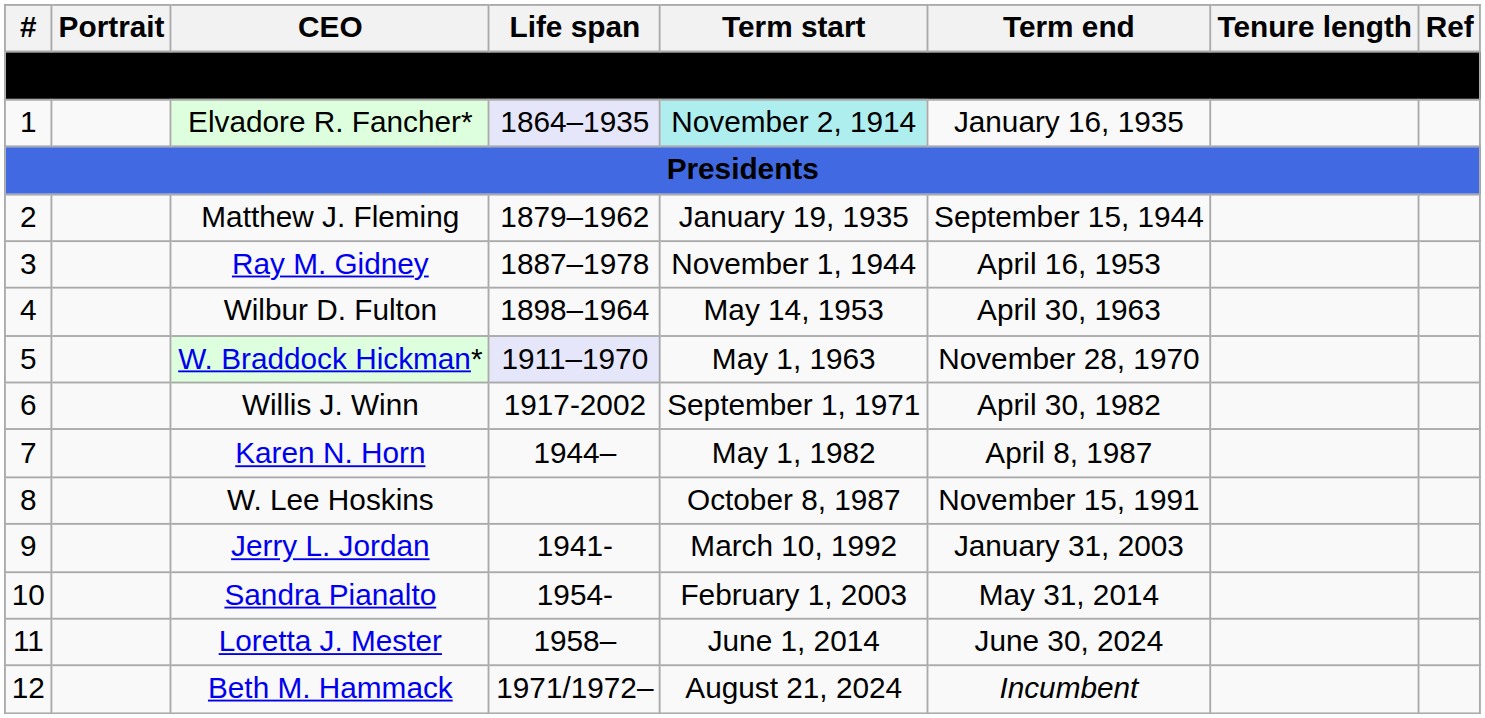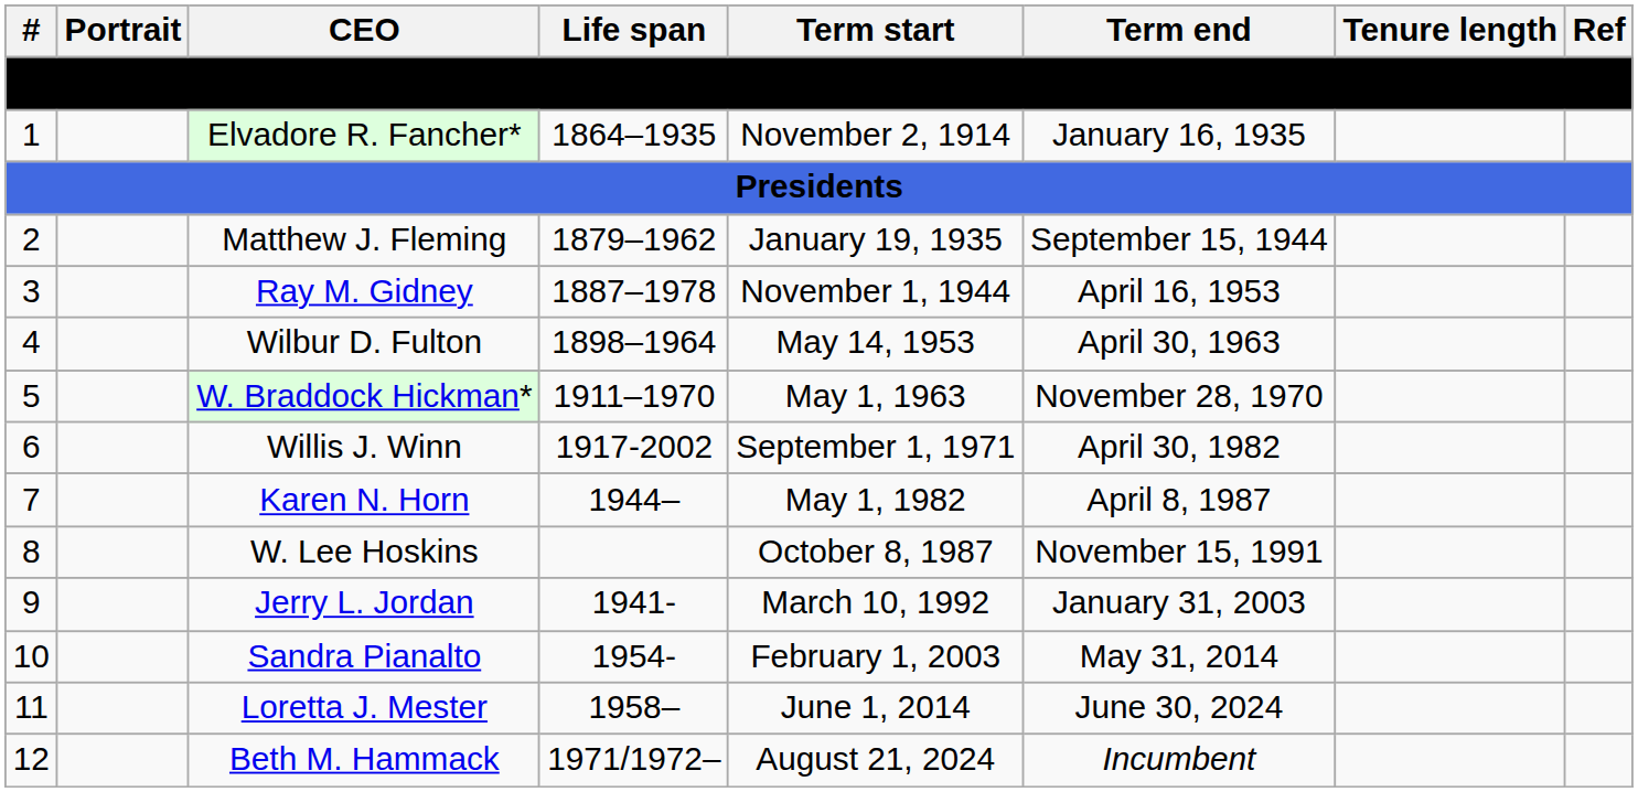 <table class="wikitable" style="text-align:center">
 <tr>
 <th>#</th>
 <th>Portrait</th>
 <th>CEO</th>
 <th>Life span</th>
 <th>Term start</th>
 <th>Term end</th>
 <th>Tenure length</th>
 <th>Ref</th>
 </tr>
 <tr>
 <td align="center" Colspan="18" style="background: #000000"><strong><span>Governors</span></strong></td>
 </tr>
 <tr>
 <td>1</td>
 <td></td>
 <td bgcolor="#ddffdd">Elvadore R. Fancher*</td>
-<td style="background: lavender;">1864–1935</td>
-<td style="background: paleturquoise;">November 2, 1914</td>
+<td>1864–1935</td>
+<td>November 2, 1914</td>
 <td>January 16, 1935</td>
 <td></td>
 <td align="center"></td>
 </tr>
 <tr>
 <td align="center" Colspan="18" style="background: #4169E1"><strong><span>Presidents</span></strong></td>
 </tr>
 <tr>
 <td>2</td>
 <td></td>
 <td>Matthew J. Fleming</td>
 <td>1879–1962</td>
 <td>January 19, 1935</td>
 <td>September 15, 1944</td>
 <td></td>
 <td align="center"></td>
 </tr>
 <tr>
 <td>3</td>
 <td></td>
 <td><a href='#'>Ray M. Gidney</a></td>
 <td>1887–1978</td>
 <td>November 1, 1944</td>
 <td>April 16, 1953</td>
 <td></td>
 <td align="center"></td>
 </tr>
 <tr>
 <td>4</td>
 <td></td>
 <td>Wilbur D. Fulton</td>
 <td>1898–1964</td>
 <td>May 14, 1953</td>
 <td>April 30, 1963</td>
 <td></td>
 <td align="center"></td>
 </tr>
 <tr>
 <td>5</td>
 <td></td>
 <td bgcolor="#ddffdd"><a href='#'>W. Braddock Hickman</a>*</td>
-<td style="background: lavender;">1911–1970</td>
+<td>1911–1970</td>
 <td>May 1, 1963</td>
 <td>November 28, 1970</td>
 <td></td>
 <td align="center"></td>
 </tr>
 <tr>
 <td>6</td>
 <td></td>
 <td>Willis J. Winn</td>
 <td>1917-2002</td>
 <td>September 1, 1971</td>
 <td>April 30, 1982</td>
 <td></td>
 <td align="center"></td>
 </tr>
 <tr>
 <td>7</td>
 <td></td>
 <td><a href='#'>Karen N. Horn</a></td>
 <td>1944–</td>
 <td>May 1, 1982</td>
 <td>April 8, 1987</td>
 <td></td>
 <td align="center"></td>
 </tr>
 <tr>
 <td>8</td>
 <td></td>
 <td>W. Lee Hoskins</td>
 <td></td>
 <td>October 8, 1987</td>
 <td>November 15, 1991</td>
 <td></td>
 <td align="center"></td>
 </tr>
 <tr>
 <td>9</td>
 <td></td>
 <td><a href='#'>Jerry L. Jordan</a></td>
 <td>1941-</td>
 <td>March 10, 1992</td>
 <td>January 31, 2003</td>
 <td></td>
 <td align="center"></td>
 </tr>
 <tr>
 <td>10</td>
 <td></td>
 <td><a href='#'>Sandra Pianalto</a></td>
 <td>1954-</td>
 <td>February 1, 2003</td>
 <td>May 31, 2014</td>
 <td></td>
 <td align="center"></td>
 </tr>
 <tr>
 <td>11</td>
 <td></td>
 <td><a href='#'>Loretta J. Mester</a></td>
 <td>1958–</td>
 <td>June 1, 2014</td>
 <td>June 30, 2024</td>
 <td></td>
 <td align="center"></td>
 </tr>
 <tr>
 <td>12</td>
 <td></td>
 <td><a href='#'>Beth M. Hammack</a></td>
 <td>1971/1972–</td>
 <td>August 21, 2024</td>
 <td><em>Incumbent</em></td>
 <td></td>
 <td align="center"></td>
 </tr>
 <tr>
 </tr>
 </table>
